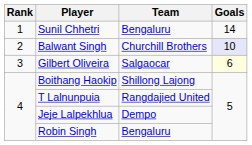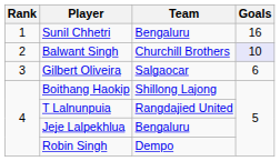 <table class="wikitable sortable" style="text9-align:center">
 <tr>
 <th>Rank</th>
 <th>Player</th>
 <th>Team</th>
 <th>Goals</th>
 </tr>
 <tr>
 <td style="text-align:center;">1</td>
 <td align="left"> <a href='#'>Sunil Chhetri</a></td>
 <td align="left"><a href='#'>Bengaluru</a></td>
-<td style="text-align:center;">14</td>
+<td style="text-align:center;">16</td>
 </tr>
 <tr>
 <td style="text-align:center;">2</td>
 <td align="left"> <a href='#'>Balwant Singh</a></td>
 <td align="left"><a href='#'>Churchill Brothers</a></td>
 <td style="background: lavender; text-align:center;">10</td>
 </tr>
 <tr>
 <td style="text-align:center;">3</td>
 <td align="left"> <a href='#'>Gilbert Oliveira</a></td>
 <td align="left"><a href='#'>Salgaocar</a></td>
-<td style="background: lightyellow; text-align:center;">6</td>
+<td style="text-align:center;">6</td>
 </tr>
 <tr>
 <td rowspan="4" style="text-align:center;">4</td>
 <td align="left"> <a href='#'>Boithang Haokip</a></td>
 <td align="left"><a href='#'>Shillong Lajong</a></td>
 <td rowspan="4" style="text-align:center;">5</td>
 </tr>
 <tr>
 <td align="left"> <a href='#'>T Lalnunpuia</a></td>
 <td align="left"><a href='#'>Rangdajied United</a></td>
 </tr>
 <tr>
 <td align="left"> <a href='#'>Jeje Lalpekhlua</a></td>
-<td align="left"><a href='#'>Dempo</a></td>
+<td align="left"><a href='#'>Bengaluru</a></td>
 </tr>
 <tr>
 <td align="left"> <a href='#'>Robin Singh</a></td>
-<td align="left"><a href='#'>Bengaluru</a></td>
+<td align="left"><a href='#'>Dempo</a></td>
 </tr>
 </table>
